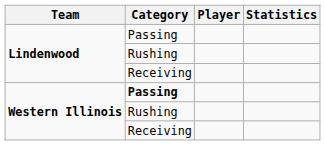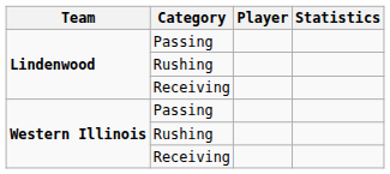 <table class="wikitable" style="float: right;">
 <tr>
 <th>Team</th>
 <th>Category</th>
 <th>Player</th>
 <th>Statistics</th>
 </tr>
 <tr>
 <td rowspan=3><strong>Lindenwood</strong></td>
 <td>Passing</td>
 <td></td>
 <td></td>
 </tr>
 <tr>
 <td>Rushing</td>
 <td></td>
 <td></td>
 </tr>
 <tr>
 <td>Receiving</td>
 <td></td>
 <td></td>
 </tr>
 <tr>
 <td rowspan=3><strong>Western Illinois</strong></td>
-<td><strong>Passing</strong></td>
+<td>Passing</td>
 <td></td>
 <td></td>
 </tr>
 <tr>
 <td>Rushing</td>
 <td></td>
 <td></td>
 </tr>
 <tr>
 <td>Receiving</td>
 <td></td>
 <td></td>
 </tr>
 </table>
